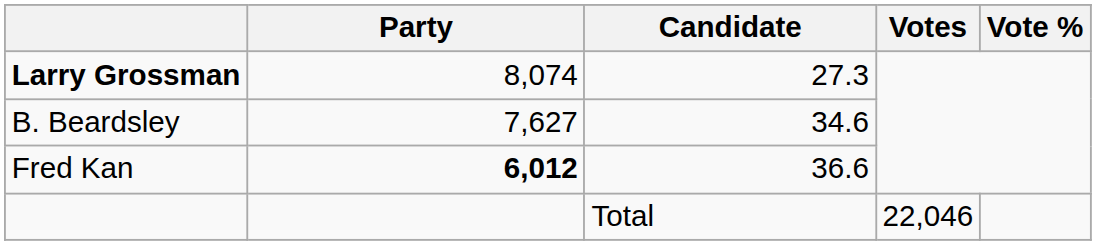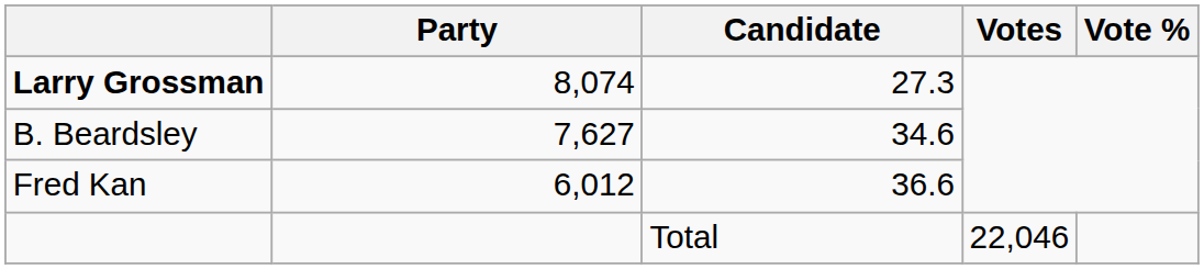 <table class="wikitable">
 <tr>
 <th></th>
 <th scope="col" width="175">Party</th>
 <th scope="col" width="150">Candidate</th>
 <th>Votes</th>
 <th>Vote %</th>
 </tr>
 <tr>
 <td><strong>Larry Grossman</strong></td>
 <td align=right>8,074</td>
 <td align=right>27.3<br></td>
 </tr>
 <tr |>
 <td>B. Beardsley</td>
 <td align=right>7,627</td>
 <td align=right>34.6</td>
 </tr>
 <tr |>
 <td>Fred Kan</td>
-<td align=right><strong>6,012</strong></td>
+<td align=right>6,012</td>
 <td align=right>36.6</td>
 </tr>
 <tr |>
 <td></td>
 <td></td>
 <td>Total</td>
 <td align=right>22,046</td>
 <td></td>
 </tr>
 </table>
